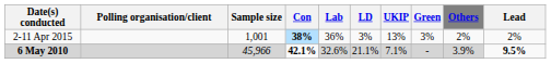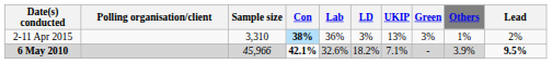 <table class="wikitable sortable" style="text-align:center;font-size:90%;line-height:14px">
 <tr>
 <th ! style="width:100px;">Date(s)<br>conducted</th>
 <th style="width:200px;">Polling organisation/client</th>
 <th class="unsortable" style="width:75px;">Sample size</th>
 <th class="unsortable" style="background:"><a href='#'><span>Con</span></a></th>
 <th class="unsortable" style="background:"><a href='#'><span>Lab</span></a></th>
 <th class="unsortable" style="background:"><a href='#'><span>LD</span></a></th>
 <th class="unsortable" style="background:"><a href='#'><span>UKIP</span></a></th>
 <th class="unsortable" style="background:"><a href='#'><span>Green</span></a></th>
 <th class="unsortable" style="background:gray; width:50px;"><a href='#'><span>Others</span></a></th>
 <th class="unsortable" style="width:80px;">Lead</th>
 </tr>
 <tr>
 <td>2-11 Apr 2015</td>
 <td> </td>
-<td>1,001</td>
+<td>3,310</td>
 <td style="background:#B3E0FF"><strong>38%</strong></td>
 <td>36%</td>
 <td>3%</td>
 <td>13%</td>
 <td>3%</td>
-<td>2%</td>
+<td>1%</td>
 <td style="background:">2%</td>
 </tr>
 <tr>
 <td style="background:#D5D5D5"><strong>6 May 2010</strong></td>
 <td style="background:#D5D5D5"></td>
 <td style="background:#D5D5D5"><em>45,966</em></td>
 <td style="background:"><strong>42.1%</strong></td>
 <td style="background:#D5D5D5">32.6%</td>
-<td style="background:#D5D5D5">21.1%</td>
+<td style="background:#D5D5D5">18.2%</td>
 <td style="background:#D5D5D5">7.1%</td>
 <td style="background:#D5D5D5">-</td>
 <td style="background:#D5D5D5">3.9%</td>
 <td style="background:"><strong>9.5% </strong></td>
 </tr>
 </table>
